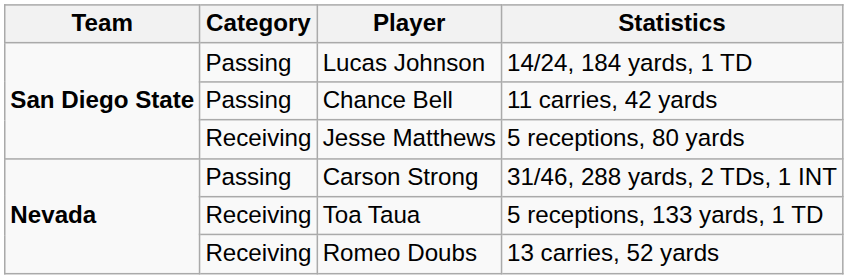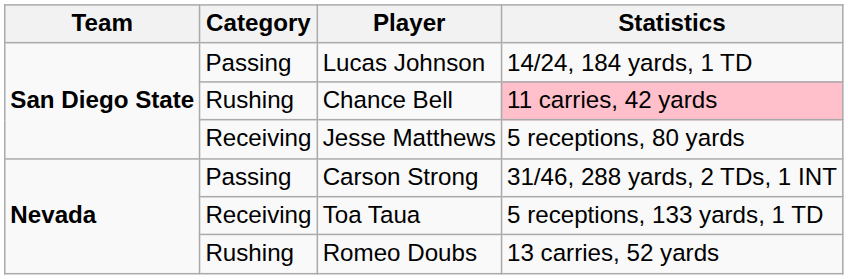 <table class="wikitable" style="float: left;">
 <tr>
 <th>Team</th>
 <th>Category</th>
 <th>Player</th>
 <th>Statistics</th>
 </tr>
 <tr>
 <td rowspan=3><strong>San Diego State</strong></td>
 <td>Passing</td>
 <td>Lucas Johnson</td>
 <td>14/24, 184 yards, 1 TD</td>
 </tr>
 <tr>
-<td>Passing</td>
+<td>Rushing</td>
 <td>Chance Bell</td>
-<td>11 carries, 42 yards</td>
+<td style="background: pink;">11 carries, 42 yards</td>
 </tr>
 <tr>
 <td>Receiving</td>
 <td>Jesse Matthews</td>
 <td>5 receptions, 80 yards</td>
 </tr>
 <tr>
 <td rowspan=3><strong>Nevada</strong></td>
 <td>Passing</td>
 <td>Carson Strong</td>
 <td>31/46, 288 yards, 2 TDs, 1 INT</td>
 </tr>
 <tr>
 <td>Receiving</td>
 <td>Toa Taua</td>
 <td>5 receptions, 133 yards, 1 TD</td>
 </tr>
 <tr>
-<td>Receiving</td>
+<td>Rushing</td>
 <td>Romeo Doubs</td>
 <td>13 carries, 52 yards</td>
 </tr>
 </table>
